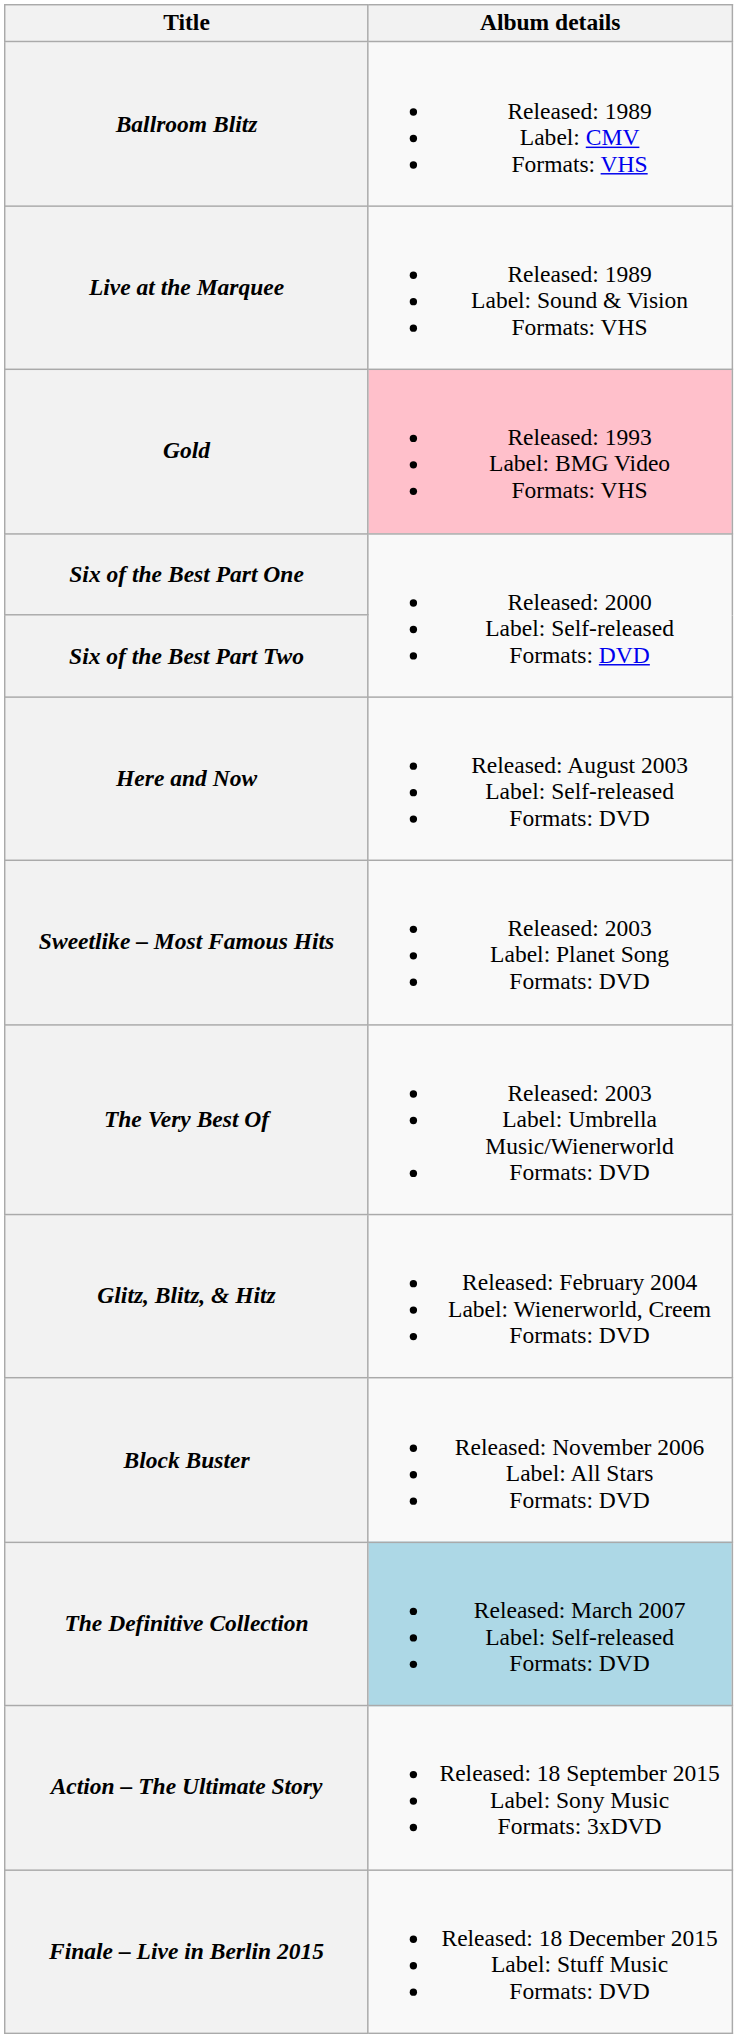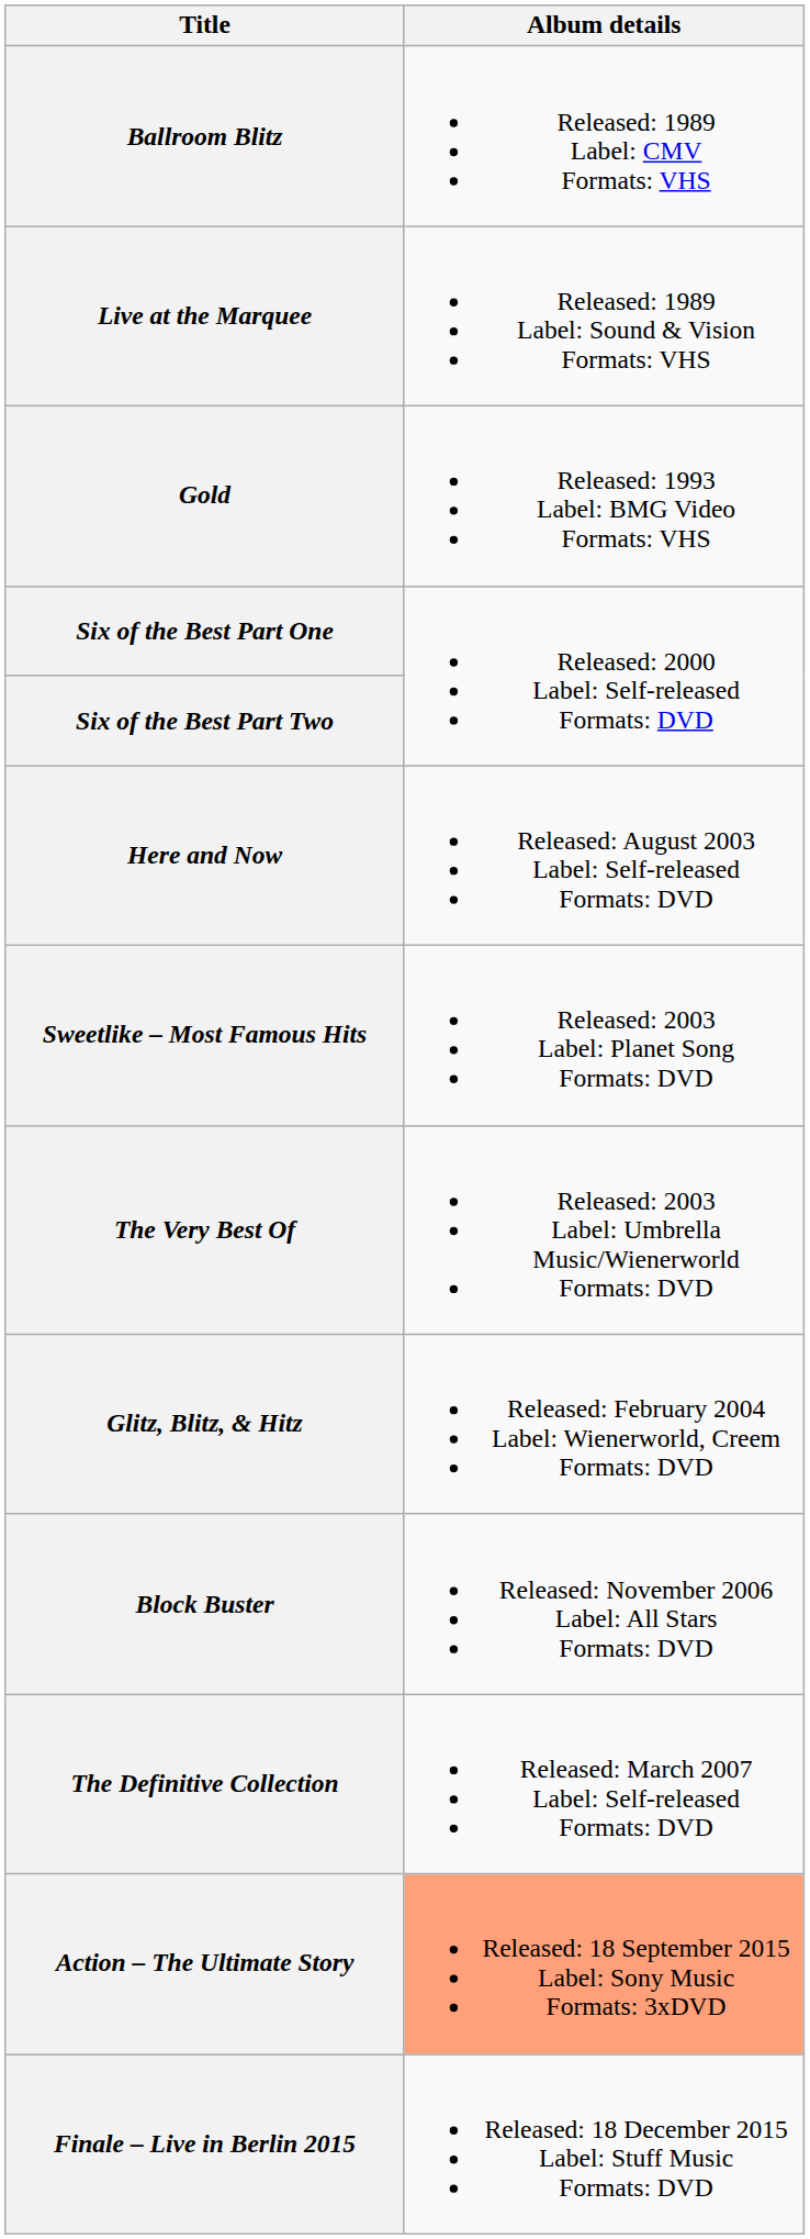 <table class="wikitable plainrowheaders" style="text-align:center;">
 <tr>
 <th scope="col" style="width:15em;">Title</th>
 <th scope="col" style="width:15em;">Album details</th>
 </tr>
 <tr>
 <th scope="row"><em>Ballroom Blitz</em></th>
 <td><br><ul><li>Released: 1989</li><li>Label: <a href='#'>CMV</a></li><li>Formats: <a href='#'>VHS</a></li></ul></td>
 </tr>
 <tr>
 <th scope="row"><em>Live at the Marquee</em></th>
 <td><br><ul><li>Released: 1989</li><li>Label: Sound & Vision</li><li>Formats: VHS</li></ul></td>
 </tr>
 <tr>
 <th scope="row"><em>Gold</em></th>
-<td style="background: pink;"><br><ul><li>Released: 1993</li><li>Label: BMG Video</li><li>Formats: VHS</li></ul></td>
+<td><br><ul><li>Released: 1993</li><li>Label: BMG Video</li><li>Formats: VHS</li></ul></td>
 </tr>
 <tr>
 <th scope="row"><em>Six of the Best Part One</em></th>
 <td rowspan="2"><br><ul><li>Released: 2000</li><li>Label: Self-released</li><li>Formats: <a href='#'>DVD</a></li></ul></td>
 </tr>
 <tr>
 <th scope="row"><em>Six of the Best Part Two</em></th>
 </tr>
 <tr>
 <th scope="row"><em>Here and Now</em></th>
 <td><br><ul><li>Released: August 2003</li><li>Label: Self-released</li><li>Formats: DVD</li></ul></td>
 </tr>
 <tr>
 <th scope="row"><em>Sweetlike – Most Famous Hits</em></th>
 <td><br><ul><li>Released: 2003</li><li>Label: Planet Song</li><li>Formats: DVD</li></ul></td>
 </tr>
 <tr>
 <th scope="row"><em>The Very Best Of</em></th>
 <td><br><ul><li>Released: 2003</li><li>Label: Umbrella Music/Wienerworld</li><li>Formats: DVD</li></ul></td>
 </tr>
 <tr>
 <th scope="row"><em>Glitz, Blitz, & Hitz</em></th>
 <td><br><ul><li>Released: February 2004</li><li>Label: Wienerworld, Creem</li><li>Formats: DVD</li></ul></td>
 </tr>
 <tr>
 <th scope="row"><em>Block Buster</em></th>
 <td><br><ul><li>Released: November 2006</li><li>Label: All Stars</li><li>Formats: DVD</li></ul></td>
 </tr>
 <tr>
 <th scope="row"><em>The Definitive Collection</em></th>
-<td style="background: lightblue;"><br><ul><li>Released: March 2007</li><li>Label: Self-released</li><li>Formats: DVD</li></ul></td>
+<td><br><ul><li>Released: March 2007</li><li>Label: Self-released</li><li>Formats: DVD</li></ul></td>
 </tr>
 <tr>
 <th scope="row"><em>Action – The Ultimate Story</em></th>
-<td><br><ul><li>Released: 18 September 2015</li><li>Label: Sony Music</li><li>Formats: 3xDVD</li></ul></td>
+<td style="background: lightsalmon;"><br><ul><li>Released: 18 September 2015</li><li>Label: Sony Music</li><li>Formats: 3xDVD</li></ul></td>
 </tr>
 <tr>
 <th scope="row"><em>Finale – Live in Berlin 2015</em></th>
 <td><br><ul><li>Released: 18 December 2015</li><li>Label: Stuff Music</li><li>Formats: DVD</li></ul></td>
 </tr>
 </table>
